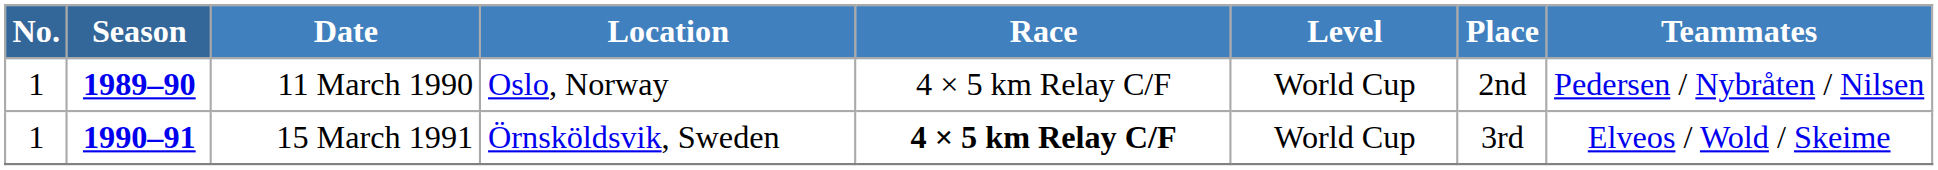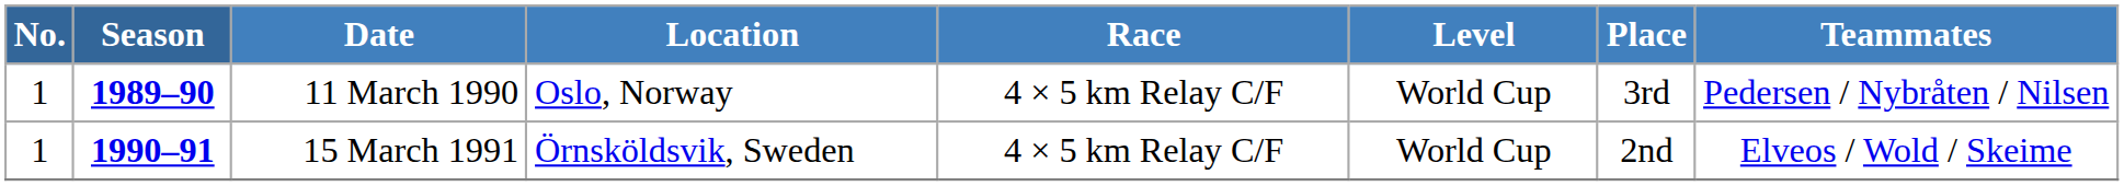 <table class="wikitable sortable" style="font-size:95%; text-align:center; border:grey solid 1px; border-collapse:collapse; background:#ffffff;">
 <tr style="background:#efefef;">
 <th style="background-color:#369; color:white;">No.</th>
 <th style="background-color:#369; color:white;">Season</th>
 <th style="background-color:#4180be; color:white; width:120px;">Date</th>
 <th style="background-color:#4180be; color:white; width:170px;">Location</th>
 <th style="background-color:#4180be; color:white; width:170px;">Race</th>
 <th style="background-color:#4180be; color:white; width:100px;">Level</th>
 <th style="background-color:#4180be; color:white;">Place</th>
 <th style="background-color:#4180be; color:white;">Teammates</th>
 </tr>
 <tr>
 <td align=center>1</td>
 <td rowspan=1 align=center><strong> <a href='#'>1989–90</a> </strong></td>
 <td align=right>11 March 1990</td>
 <td align=left> <a href='#'>Oslo</a>, Norway</td>
 <td>4 × 5 km Relay C/F</td>
 <td>World Cup</td>
-<td>2nd</td>
+<td>3rd</td>
 <td><a href='#'>Pedersen</a> / <a href='#'>Nybråten</a> / <a href='#'>Nilsen</a></td>
 </tr>
 <tr>
 <td align=center>1</td>
 <td rowspan=1 align=center><strong> <a href='#'>1990–91</a> </strong></td>
 <td align=right>15 March 1991</td>
 <td align=left> <a href='#'>Örnsköldsvik</a>, Sweden</td>
-<td><strong>4 × 5 km Relay C/F</strong></td>
+<td>4 × 5 km Relay C/F</td>
 <td>World Cup</td>
-<td>3rd</td>
+<td>2nd</td>
 <td><a href='#'>Elveos</a> / <a href='#'>Wold</a> / <a href='#'>Skeime</a></td>
 </tr>
 <tr>
 </tr>
 </table>
